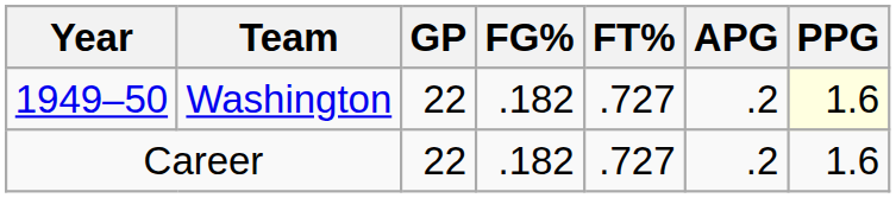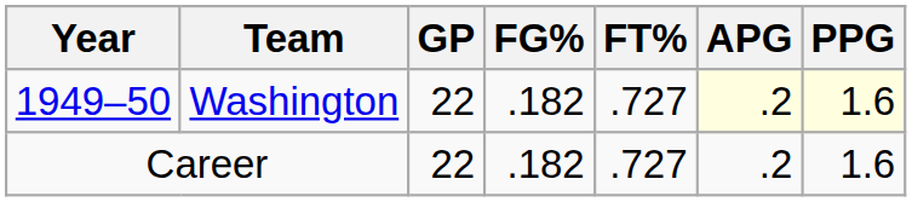 <table class="wikitable sortable" style="font-size:95%; text-align:right;">
 <tr>
 <th>Year</th>
 <th>Team</th>
 <th>GP</th>
 <th>FG%</th>
 <th>FT%</th>
 <th>APG</th>
 <th>PPG</th>
 </tr>
 <tr>
 <td style="text-align:left;"><a href='#'>1949–50</a></td>
 <td style="text-align:left;"><a href='#'>Washington</a></td>
 <td>22</td>
 <td>.182</td>
 <td>.727</td>
-<td>.2</td>
+<td style="background: lightyellow;">.2</td>
 <td style="background: lightyellow;">1.6</td>
 </tr>
 <tr>
 <td colspan="2" style="text-align:center;">Career</td>
 <td>22</td>
 <td>.182</td>
 <td>.727</td>
 <td>.2</td>
 <td>1.6</td>
 </tr>
 </table>
